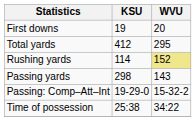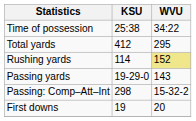 <table class="wikitable" style="float: left;">
 <tr>
 <th>Statistics</th>
 <th>KSU</th>
 <th>WVU</th>
 </tr>
 <tr>
-<td>First downs</td>
-<td>19</td>
-<td>20</td>
+<td>Time of possession</td>
+<td>25:38</td>
+<td>34:22</td>
 </tr>
 <tr>
 <td>Total yards</td>
 <td>412</td>
 <td>295</td>
 </tr>
 <tr>
 <td>Rushing yards</td>
 <td>114</td>
 <td style="background: khaki;">152</td>
 </tr>
 <tr>
 <td>Passing yards</td>
-<td>298</td>
+<td>19-29-0</td>
 <td>143</td>
 </tr>
 <tr>
 <td>Passing: Comp–Att–Int</td>
-<td>19-29-0</td>
+<td>298</td>
 <td>15-32-2</td>
 </tr>
 <tr>
-<td>Time of possession</td>
-<td>25:38</td>
-<td>34:22</td>
+<td>First downs</td>
+<td>19</td>
+<td>20</td>
 </tr>
 <tr>
 </tr>
 </table>
